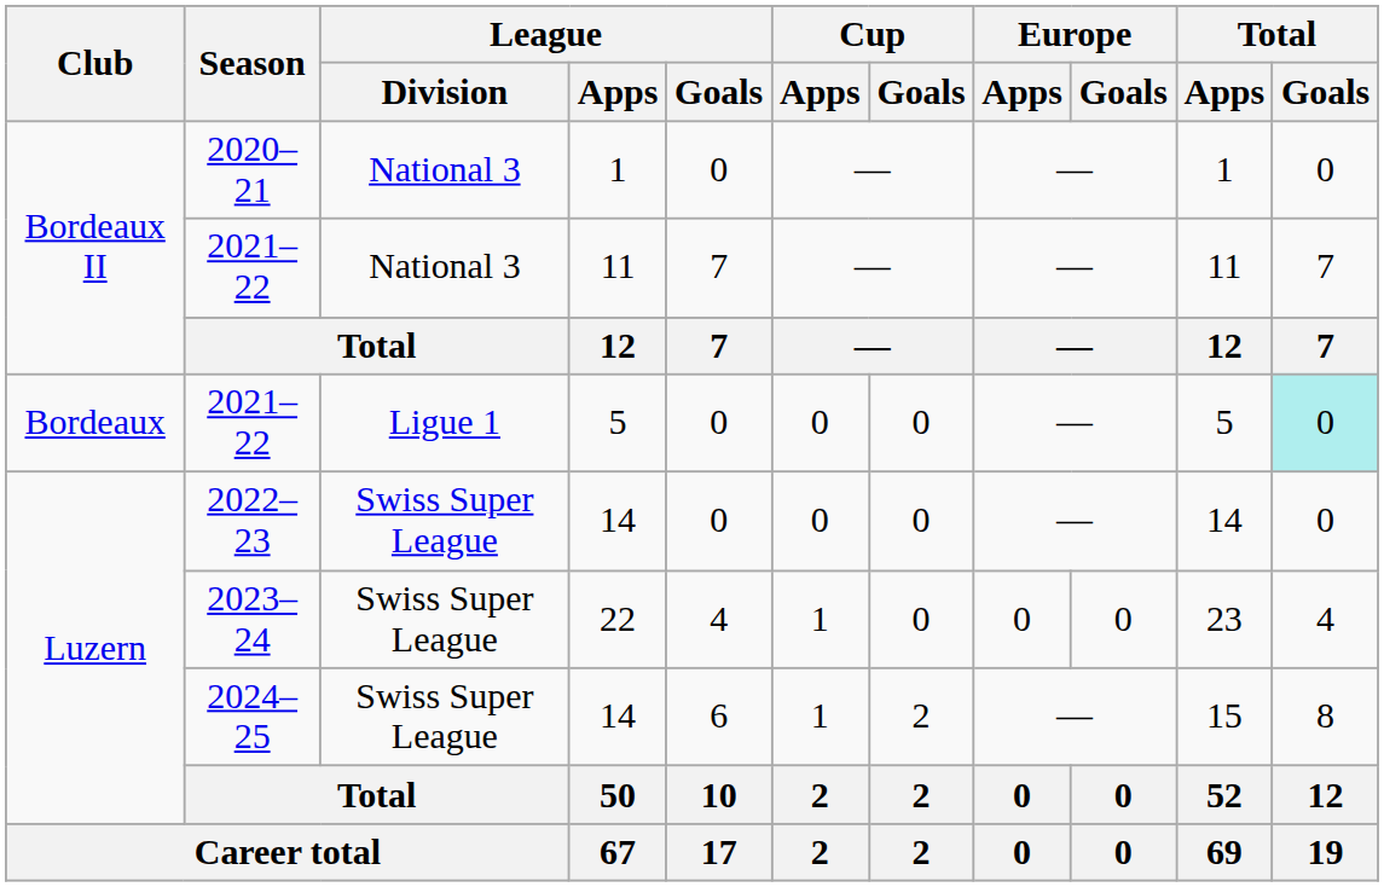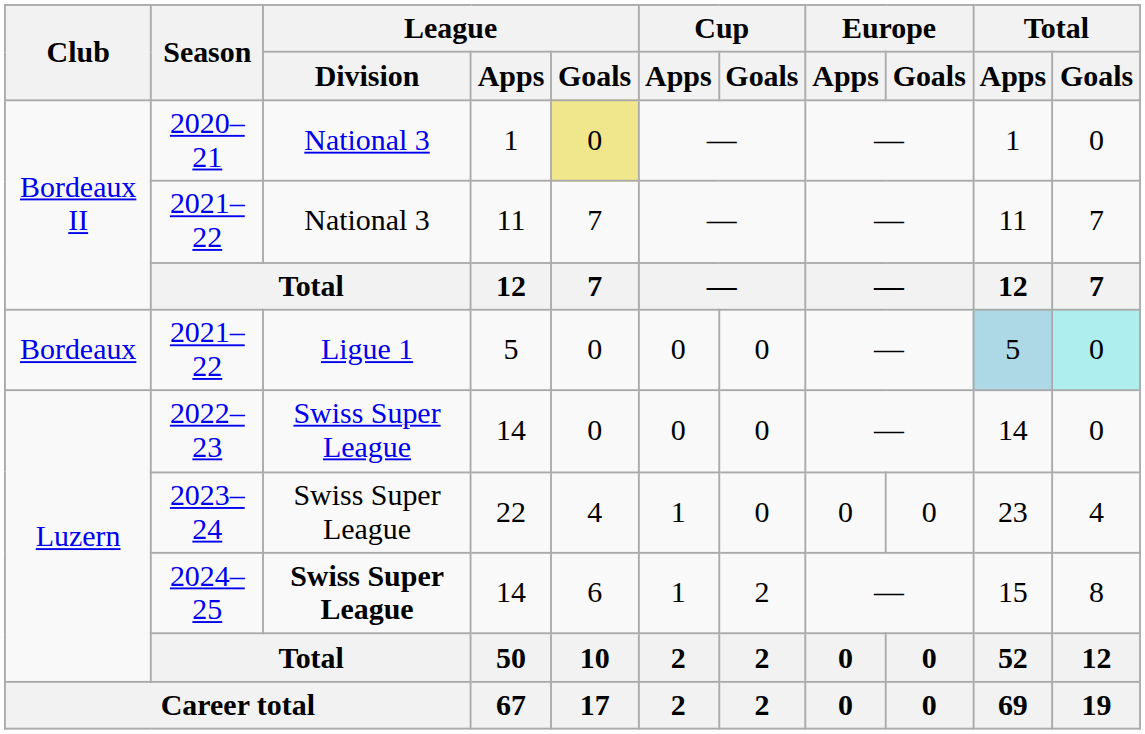 <table class="wikitable" style="text-align: center;">
 <tr>
 <th rowspan="2">Club</th>
 <th rowspan="2">Season</th>
 <th colspan="3">League</th>
 <th colspan="2">Cup</th>
 <th colspan="2">Europe</th>
 <th colspan="2">Total</th>
 </tr>
 <tr>
 <th>Division</th>
 <th>Apps</th>
 <th>Goals</th>
 <th>Apps</th>
 <th>Goals</th>
 <th>Apps</th>
 <th>Goals</th>
 <th>Apps</th>
 <th>Goals</th>
 </tr>
 <tr>
 <td rowspan="3"><a href='#'>Bordeaux II</a></td>
 <td><a href='#'>2020–21</a></td>
 <td><a href='#'>National 3</a></td>
 <td>1</td>
-<td>0</td>
+<td style="background: khaki;">0</td>
 <td colspan="2">—</td>
 <td colspan="2">—</td>
 <td>1</td>
 <td>0</td>
 </tr>
 <tr>
 <td><a href='#'>2021–22</a></td>
 <td>National 3</td>
 <td>11</td>
 <td>7</td>
 <td colspan="2">—</td>
 <td colspan="2">—</td>
 <td>11</td>
 <td>7</td>
 </tr>
 <tr>
 <th colspan="2">Total</th>
 <th>12</th>
 <th>7</th>
 <th colspan="2">—</th>
 <th colspan="2">—</th>
 <th>12</th>
 <th>7</th>
 </tr>
 <tr>
 <td><a href='#'>Bordeaux</a></td>
 <td><a href='#'>2021–22</a></td>
 <td><a href='#'>Ligue 1</a></td>
 <td>5</td>
 <td>0</td>
 <td>0</td>
 <td>0</td>
 <td colspan="2">—</td>
-<td>5</td>
+<td style="background: lightblue;">5</td>
 <td style="background: paleturquoise;">0</td>
 </tr>
 <tr>
 <td rowspan="4"><a href='#'>Luzern</a></td>
 <td><a href='#'>2022–23</a></td>
 <td><a href='#'>Swiss Super League</a></td>
 <td>14</td>
 <td>0</td>
 <td>0</td>
 <td>0</td>
 <td colspan="2">—</td>
 <td>14</td>
 <td>0</td>
 </tr>
 <tr>
 <td><a href='#'>2023–24</a></td>
 <td>Swiss Super League</td>
 <td>22</td>
 <td>4</td>
 <td>1</td>
 <td>0</td>
 <td>0</td>
 <td>0</td>
 <td>23</td>
 <td>4</td>
 </tr>
 <tr>
 <td><a href='#'>2024–25</a></td>
-<td>Swiss Super League</td>
+<td><strong>Swiss Super League</strong></td>
 <td>14</td>
 <td>6</td>
 <td>1</td>
 <td>2</td>
 <td colspan="2">—</td>
 <td>15</td>
 <td>8</td>
 </tr>
 <tr>
 <th colspan="2">Total</th>
 <th>50</th>
 <th>10</th>
 <th>2</th>
 <th>2</th>
 <th>0</th>
 <th>0</th>
 <th>52</th>
 <th>12</th>
 </tr>
 <tr>
 <th colspan="3">Career total</th>
 <th>67</th>
 <th>17</th>
 <th>2</th>
 <th>2</th>
 <th>0</th>
 <th>0</th>
 <th>69</th>
 <th>19</th>
 </tr>
 </table>
